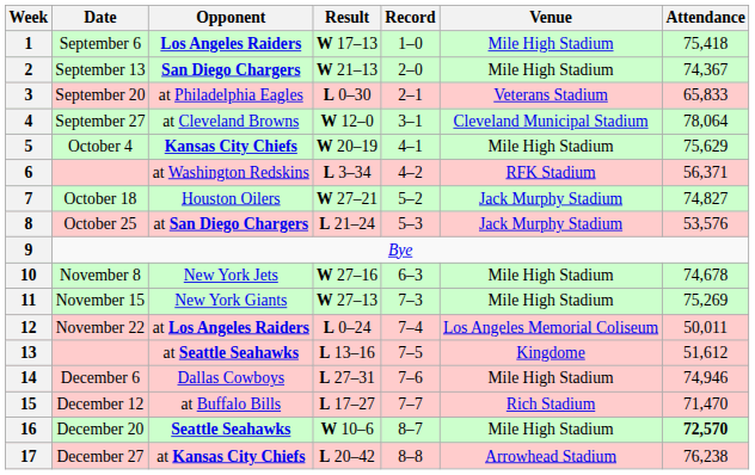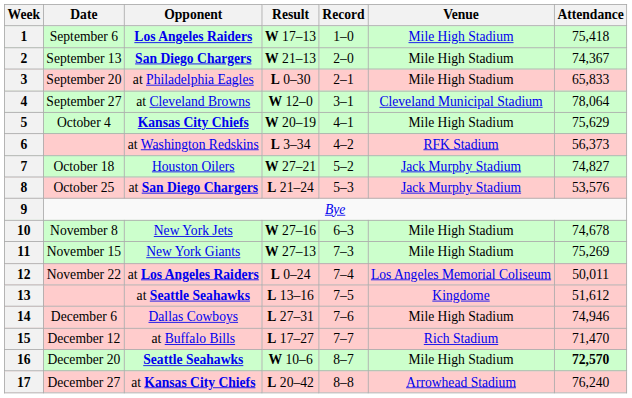 <table class="wikitable" style="text-align:center">
 <tr>
 <th>Week</th>
 <th>Date</th>
 <th>Opponent</th>
 <th>Result</th>
 <th>Record</th>
 <th>Venue</th>
 <th>Attendance</th>
 </tr>
 <tr style="background:#cfc">
 <th>1</th>
 <td>September 6</td>
 <td><strong><a href='#'>Los Angeles Raiders</a></strong></td>
 <td><strong>W</strong> 17–13</td>
 <td>1–0</td>
 <td><a href='#'>Mile High Stadium</a></td>
 <td>75,418</td>
 </tr>
 <tr style="background:#cfc">
 <th>2</th>
 <td>September 13</td>
 <td><strong><a href='#'>San Diego Chargers</a></strong></td>
 <td><strong>W</strong> 21–13</td>
 <td>2–0</td>
 <td>Mile High Stadium</td>
 <td>74,367</td>
 </tr>
 <tr style="background:#fcc">
 <th>3</th>
 <td>September 20</td>
 <td>at <a href='#'>Philadelphia Eagles</a></td>
 <td><strong>L</strong> 0–30</td>
 <td>2–1</td>
-<td><a href='#'>Veterans Stadium</a></td>
+<td>Mile High Stadium</td>
 <td>65,833</td>
 </tr>
 <tr style="background:#cfc">
 <th>4</th>
 <td>September 27</td>
 <td>at <a href='#'>Cleveland Browns</a></td>
 <td><strong>W</strong> 12–0</td>
 <td>3–1</td>
 <td><a href='#'>Cleveland Municipal Stadium</a></td>
 <td>78,064</td>
 </tr>
 <tr style="background:#cfc">
 <th>5</th>
 <td>October 4</td>
 <td><strong><a href='#'>Kansas City Chiefs</a></strong></td>
 <td><strong>W</strong> 20–19</td>
 <td>4–1</td>
 <td>Mile High Stadium</td>
 <td>75,629</td>
 </tr>
 <tr style="background:#fcc">
 <th>6</th>
 <td></td>
 <td>at <a href='#'>Washington Redskins</a></td>
 <td><strong>L</strong> 3–34</td>
 <td>4–2</td>
 <td><a href='#'>RFK Stadium</a></td>
-<td>56,371</td>
+<td>56,373</td>
 </tr>
 <tr style="background:#cfc">
 <th>7</th>
 <td>October 18</td>
 <td><a href='#'>Houston Oilers</a></td>
 <td><strong>W</strong> 27–21</td>
 <td>5–2</td>
 <td><a href='#'>Jack Murphy Stadium</a></td>
 <td>74,827</td>
 </tr>
 <tr style="background:#fcc">
 <th>8</th>
 <td>October 25</td>
 <td>at <strong><a href='#'>San Diego Chargers</a></strong></td>
 <td><strong>L</strong> 21–24</td>
 <td>5–3</td>
 <td><a href='#'>Jack Murphy Stadium</a></td>
 <td>53,576</td>
 </tr>
 <tr align="center">
 <th>9</th>
 <td colspan="6" align="center"><em><a href='#'>Bye</a></em></td>
 </tr>
 <tr style="background:#cfc">
 <th>10</th>
 <td>November 8</td>
 <td><a href='#'>New York Jets</a></td>
 <td><strong>W</strong> 27–16</td>
 <td>6–3</td>
 <td>Mile High Stadium</td>
 <td>74,678</td>
 </tr>
 <tr style="background:#cfc">
 <th>11</th>
 <td>November 15</td>
 <td><a href='#'>New York Giants</a></td>
 <td><strong>W</strong> 27–13</td>
 <td>7–3</td>
 <td>Mile High Stadium</td>
 <td>75,269</td>
 </tr>
 <tr style="background:#fcc">
 <th>12</th>
 <td>November 22</td>
 <td>at <strong><a href='#'>Los Angeles Raiders</a></strong></td>
 <td><strong>L</strong> 0–24</td>
 <td>7–4</td>
 <td><a href='#'>Los Angeles Memorial Coliseum</a></td>
 <td>50,011</td>
 </tr>
 <tr style="background:#fcc">
 <th>13</th>
 <td></td>
 <td>at <strong><a href='#'>Seattle Seahawks</a></strong></td>
 <td><strong>L</strong> 13–16</td>
 <td>7–5</td>
 <td><a href='#'>Kingdome</a></td>
 <td>51,612</td>
 </tr>
 <tr style="background:#fcc">
 <th>14</th>
 <td>December 6</td>
 <td><a href='#'>Dallas Cowboys</a></td>
 <td><strong>L</strong> 27–31</td>
 <td>7–6</td>
 <td>Mile High Stadium</td>
 <td>74,946</td>
 </tr>
 <tr style="background:#fcc">
 <th>15</th>
 <td>December 12</td>
 <td>at <a href='#'>Buffalo Bills</a></td>
 <td><strong>L</strong> 17–27</td>
 <td>7–7</td>
 <td><a href='#'>Rich Stadium</a></td>
 <td>71,470</td>
 </tr>
 <tr style="background:#cfc">
 <th>16</th>
 <td>December 20</td>
 <td><strong><a href='#'>Seattle Seahawks</a></strong></td>
 <td><strong>W</strong> 10–6</td>
 <td>8–7</td>
 <td>Mile High Stadium</td>
 <td><strong>72,570</strong></td>
 </tr>
 <tr style="background:#fcc">
 <th>17</th>
 <td>December 27</td>
 <td>at <strong><a href='#'>Kansas City Chiefs</a></strong></td>
 <td><strong>L</strong> 20–42</td>
 <td>8–8</td>
 <td><a href='#'>Arrowhead Stadium</a></td>
-<td>76,238</td>
+<td>76,240</td>
 </tr>
 </table>
